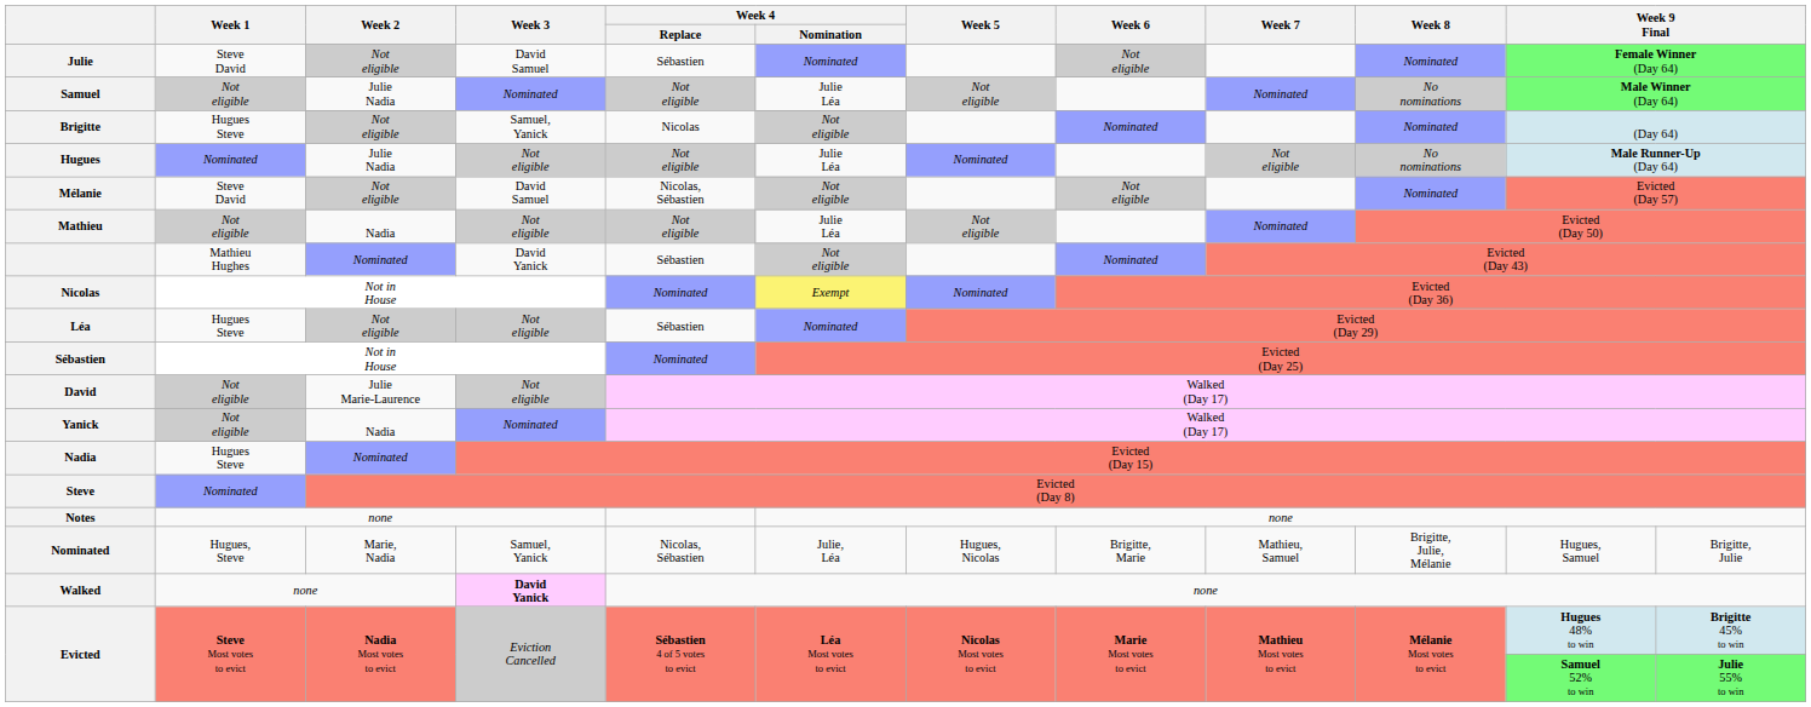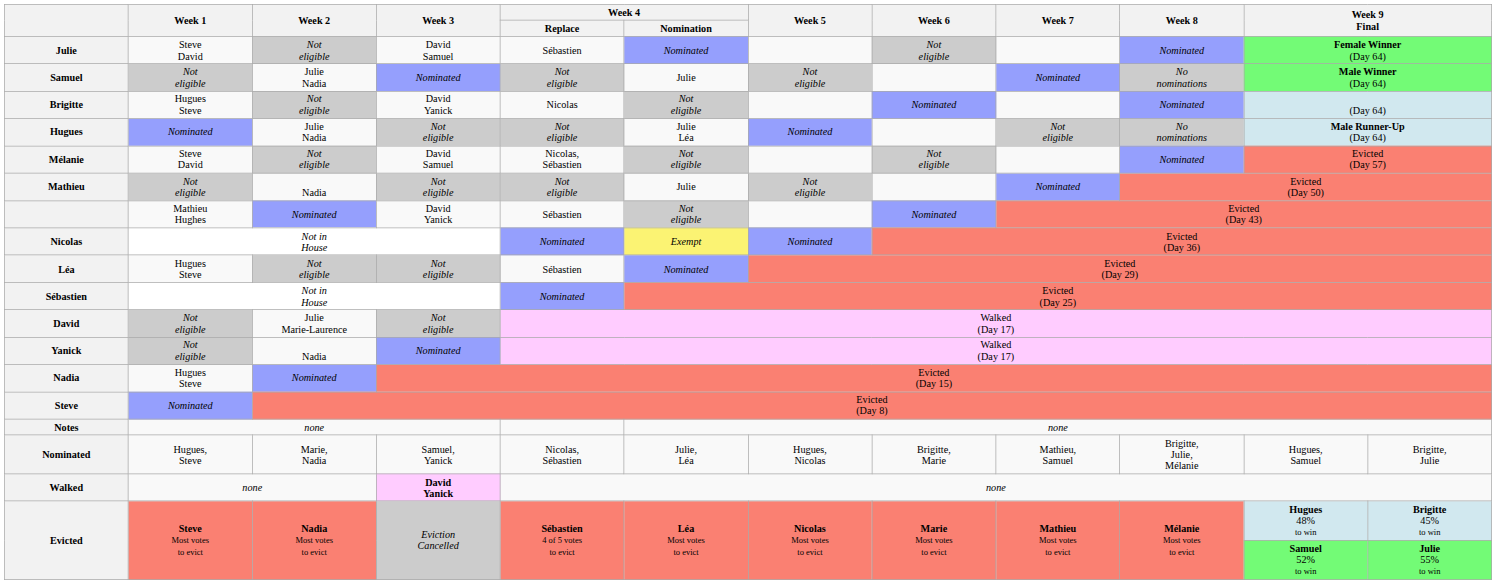 <table class="wikitable" style="text-align:center; width:100%; font-size:85%; line-height:15px">
 <tr>
 <th style="width:8%" rowspan="2"></th>
 <th style="width:8%" rowspan="2">Week 1</th>
 <th style="width:8%" rowspan="2">Week 2</th>
 <th style="width:8%" rowspan="2">Week 3</th>
 <th style="width:16%" colspan="2">Week 4</th>
 <th style="width:8%" rowspan="2">Week 5</th>
 <th style="width:8%" rowspan="2">Week 6</th>
 <th style="width:8%" rowspan="2">Week 7</th>
 <th style="width:8%" rowspan="2">Week 8</th>
 <th style="width:16%" colspan="2" rowspan="2">Week 9<br>Final</th>
 </tr>
 <tr>
 <th style="width:8%">Replace</th>
 <th style="width:8%">Nomination</th>
 </tr>
 <tr>
 <th>Julie</th>
 <td>Steve<br>David</td>
 <td style="background:#CCC"><em>Not<br>eligible</em></td>
 <td>David<br>Samuel</td>
 <td>Sébastien</td>
 <td style="background:#959FFD"><em>Nominated</em></td>
 <td></td>
 <td style="background:#CCC"><em>Not<br>eligible</em></td>
 <td></td>
 <td style="background:#959FFD"><em>Nominated</em></td>
 <td style="background:#73FB76" colspan="2"><strong>Female Winner</strong><br>(Day 64)</td>
 </tr>
 <tr>
 <th>Samuel</th>
 <td style="background:#CCC"><em>Not<br>eligible</em></td>
 <td>Julie<br>Nadia</td>
 <td style="background:#959FFD"><em>Nominated</em></td>
 <td style="background:#CCC"><em>Not<br>eligible</em></td>
-<td>Julie<br>Léa</td>
+<td>Julie<br></td>
 <td style="background:#CCC"><em>Not<br>eligible</em></td>
 <td></td>
 <td style="background:#959FFD"><em>Nominated</em></td>
 <td style="background:#CCC"><em>No<br>nominations</em></td>
 <td style="background:#73FB76" colspan="2"><strong>Male Winner</strong><br>(Day 64)</td>
 </tr>
 <tr>
 <th>Brigitte</th>
 <td>Hugues<br>Steve</td>
 <td style="background:#CCC"><em>Not<br>eligible</em></td>
-<td>Samuel,<br>Yanick</td>
+<td>David<br>Yanick</td>
 <td>Nicolas</td>
 <td style="background:#CCC"><em>Not<br>eligible</em></td>
 <td></td>
 <td style="background:#959FFD"><em>Nominated</em></td>
 <td></td>
 <td style="background:#959FFD"><em>Nominated</em></td>
 <td style="background:#D1E8EF" colspan="2"><strong></strong><br>(Day 64)</td>
 </tr>
 <tr>
 <th>Hugues</th>
 <td style="background:#959FFD"><em>Nominated</em></td>
 <td>Julie<br>Nadia</td>
 <td style="background:#CCC"><em>Not<br>eligible</em></td>
 <td style="background:#CCC"><em>Not<br>eligible</em></td>
 <td>Julie<br>Léa</td>
 <td style="background:#959FFD"><em>Nominated</em></td>
 <td></td>
 <td style="background:#CCC"><em>Not<br>eligible</em></td>
 <td style="background:#CCC"><em>No<br>nominations</em></td>
 <td style="background:#D1E8EF" colspan="2"><strong>Male Runner-Up</strong><br>(Day 64)</td>
 </tr>
 <tr>
 <th>Mélanie</th>
 <td>Steve<br>David</td>
 <td style="background:#CCC"><em>Not<br>eligible</em></td>
 <td>David<br>Samuel</td>
 <td>Nicolas,<br>Sébastien</td>
 <td style="background:#CCC"><em>Not<br>eligible</em></td>
 <td></td>
 <td style="background:#CCC"><em>Not<br>eligible</em></td>
 <td></td>
 <td style="background:#959FFD"><em>Nominated</em></td>
 <td style="background:#FA8072" colspan=2>Evicted<br>(Day 57)</td>
 </tr>
 <tr>
 <th>Mathieu</th>
 <td style="background:#CCC"><em>Not<br>eligible</em></td>
 <td><br>Nadia</td>
 <td style="background:#CCC"><em>Not<br>eligible</em></td>
 <td style="background:#CCC"><em>Not<br>eligible</em></td>
-<td>Julie<br>Léa</td>
+<td>Julie<br></td>
 <td style="background:#CCC"><em>Not<br>eligible</em></td>
 <td></td>
 <td style="background:#959FFD"><em>Nominated</em></td>
 <td style="background:#FA8072" colspan=3>Evicted<br>(Day 50)</td>
 </tr>
 <tr>
 <th></th>
 <td>Mathieu<br>Hughes</td>
 <td style="background:#959FFD"><em>Nominated</em></td>
 <td>David<br>Yanick</td>
 <td>Sébastien</td>
 <td style="background:#CCC"><em>Not<br>eligible</em></td>
 <td></td>
 <td style="background:#959FFD"><em>Nominated</em></td>
 <td style="background:#FA8072" colspan=4>Evicted<br>(Day 43)</td>
 </tr>
 <tr>
 <th>Nicolas</th>
 <td colspan="3" style="background:white"><em>Not in<br>House</em></td>
 <td style="background:#959FFD"><em>Nominated</em></td>
 <td style="background:#FBF373"><em>Exempt</em></td>
 <td style="background:#959FFD"><em>Nominated</em></td>
 <td style="background:#FA8072" colspan=5>Evicted<br>(Day 36)</td>
 </tr>
 <tr>
 <th>Léa</th>
 <td>Hugues<br>Steve</td>
 <td style="background:#CCC"><em>Not<br>eligible</em></td>
 <td style="background:#CCC"><em>Not<br>eligible</em></td>
 <td>Sébastien</td>
 <td style="background:#959FFD"><em>Nominated</em></td>
 <td colspan="6" style="background:#FA8072">Evicted<br>(Day 29)</td>
 </tr>
 <tr>
 <th>Sébastien</th>
 <td colspan="3" style="background:white"><em>Not in<br>House</em></td>
 <td style="background:#959FFD"><em>Nominated</em></td>
 <td colspan="7" style="background:#FA8072">Evicted<br>(Day 25)</td>
 </tr>
 <tr>
 <th>David</th>
 <td style="background:#CCC"><em>Not<br>eligible</em></td>
 <td>Julie<br>Marie-Laurence</td>
 <td style="background:#CCC"><em>Not<br>eligible</em></td>
 <td colspan="8" style="background:#ffccff;">Walked<br>(Day 17)</td>
 </tr>
 <tr>
 <th>Yanick</th>
 <td style="background:#CCC"><em>Not<br>eligible</em></td>
 <td><br>Nadia</td>
 <td style="background:#959FFD"><em>Nominated</em></td>
 <td colspan="8" style="background:#ffccff;">Walked<br>(Day 17)</td>
 </tr>
 <tr>
 <th>Nadia</th>
 <td>Hugues<br>Steve</td>
 <td style="background:#959FFD"><em>Nominated</em></td>
 <td style="background:#FA8072" colspan=9>Evicted<br>(Day 15)</td>
 </tr>
 <tr>
 <th>Steve</th>
 <td style="background:#959FFD"><em>Nominated</em></td>
 <td style="background:#FA8072" colspan=10>Evicted<br>(Day 8)</td>
 </tr>
 <tr>
 <th>Notes</th>
 <td colspan="3"><em>none</em></td>
 <td></td>
 <td colspan="7"><em>none</em></td>
 </tr>
 <tr>
 <th>Nominated</th>
 <td>Hugues,<br>Steve</td>
 <td>Marie,<br>Nadia</td>
 <td>Samuel,<br>Yanick</td>
 <td>Nicolas,<br>Sébastien</td>
 <td>Julie,<br>Léa</td>
 <td>Hugues,<br>Nicolas</td>
 <td>Brigitte,<br>Marie</td>
 <td>Mathieu,<br>Samuel</td>
 <td>Brigitte,<br>Julie,<br>Mélanie</td>
 <td>Hugues,<br>Samuel</td>
 <td>Brigitte,<br>Julie</td>
 </tr>
 <tr>
 <th>Walked</th>
 <td colspan="2'"><em>none</em></td>
 <td style="background:#FCF"><strong>David<br>Yanick</strong></td>
 <td colspan="9"><em>none</em></td>
 </tr>
 <tr>
 <th rowspan=2>Evicted</th>
 <td style="background:#FA8072" rowspan=2><strong>Steve</strong><br><small>Most votes<br>to evict</small></td>
 <td style="background:#FA8072" rowspan=2><strong>Nadia</strong><br><small>Most votes<br>to evict</small></td>
 <td style="background:#CCC" rowspan=2><em>Eviction<br>Cancelled</em></td>
 <td rowspan="2" style="background:#FA8072;"><strong>Sébastien</strong> <br><small>4 of 5 votes<br>to evict</small></td>
 <td style="background:#FA8072" rowspan=2><strong>Léa</strong> <br><small>Most votes<br>to evict</small></td>
 <td style="background:#FA8072;" rowspan=2><strong>Nicolas</strong> <br><small>Most votes<br>to evict</small></td>
 <td style="background:#FA8072" rowspan=2><strong>Marie</strong> <br><small>Most votes<br>to evict</small></td>
 <td style="background:#FA8072" rowspan=2><strong>Mathieu</strong> <br><small>Most votes<br>to evict</small></td>
 <td style="background:#FA8072" rowspan=2><strong>Mélanie</strong> <br><small>Most votes<br>to evict</small></td>
 <td style="background:#D1E8EF; width:8%"><strong>Hugues</strong><br>48%<br><small>to win</small></td>
 <td style="background:#D1E8EF; width:8%"><strong>Brigitte</strong><br>45%<br><small>to win</small></td>
 </tr>
 <tr>
 <td style="background:#73FB76"><strong>Samuel</strong><br>52%<br><small>to win</small></td>
 <td style="background:#73FB76"><strong>Julie</strong><br>55%<br><small>to win</small></td>
 </tr>
 </table>
